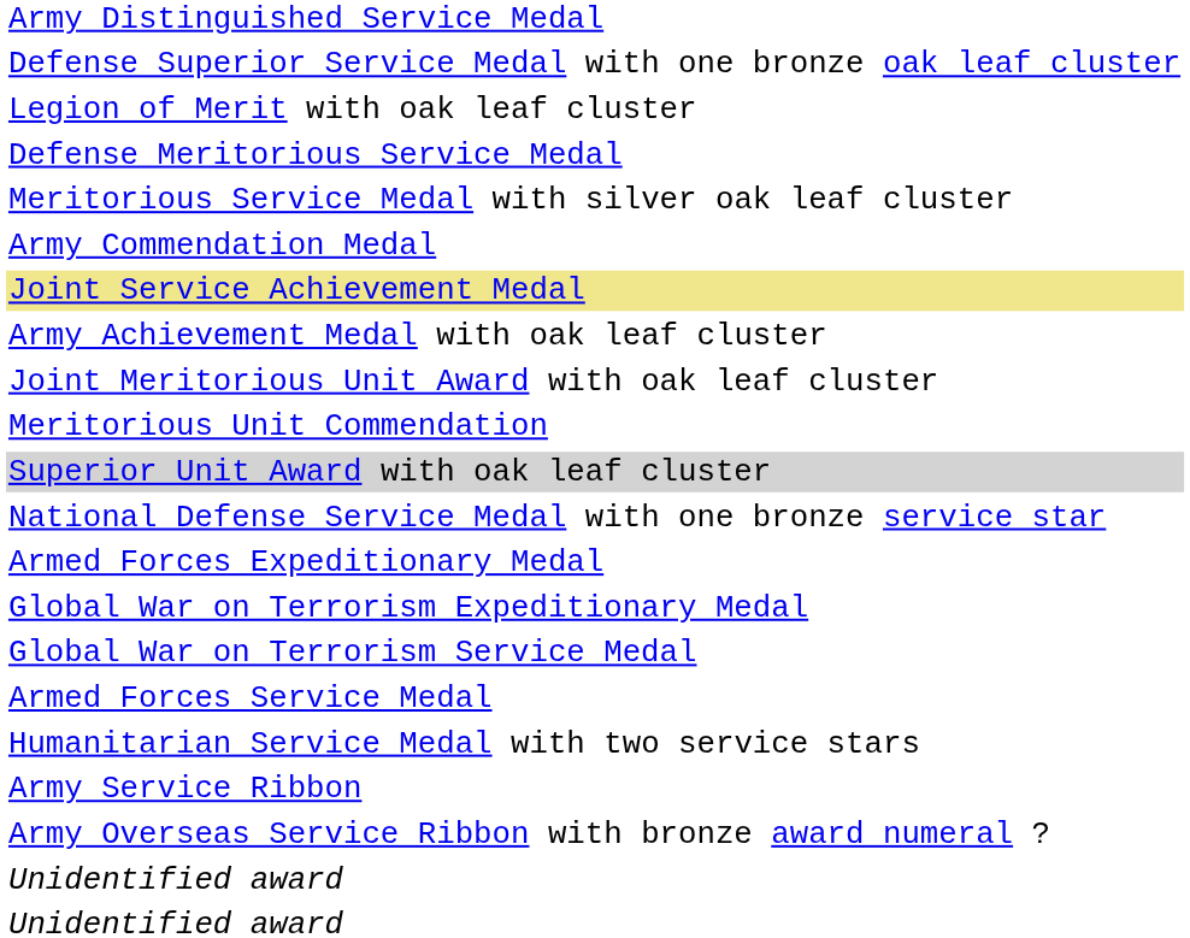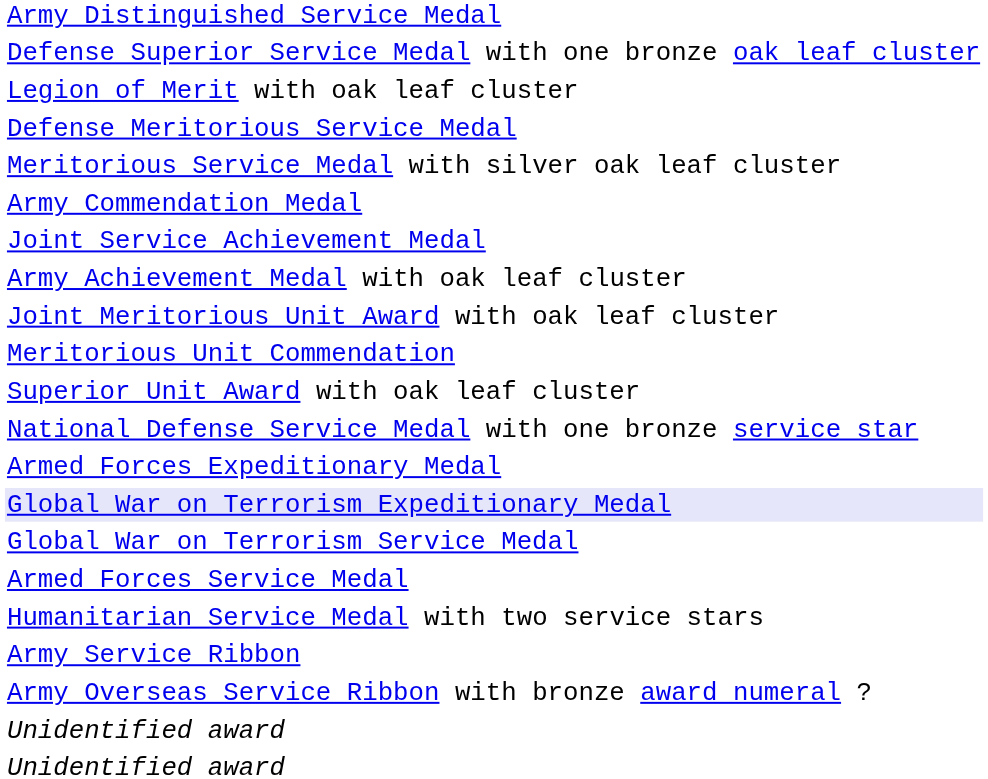 <table>
 <tr>
 <td> <a href='#'>Army Distinguished Service Medal</a></td>
 </tr>
 <tr>
 <td> <a href='#'>Defense Superior Service Medal</a> with one bronze <a href='#'>oak leaf cluster</a></td>
 </tr>
 <tr>
 <td> <a href='#'>Legion of Merit</a> with oak leaf cluster</td>
 </tr>
 <tr>
 <td> <a href='#'>Defense Meritorious Service Medal</a></td>
 </tr>
 <tr>
 <td> <a href='#'>Meritorious Service Medal</a> with silver oak leaf cluster</td>
 </tr>
 <tr>
 <td> <a href='#'>Army Commendation Medal</a></td>
 </tr>
 <tr>
-<td style="background: khaki;"> <a href='#'>Joint Service Achievement Medal</a></td>
+<td> <a href='#'>Joint Service Achievement Medal</a></td>
 </tr>
 <tr>
 <td> <a href='#'>Army Achievement Medal</a> with oak leaf cluster</td>
 </tr>
 <tr>
 <td> <a href='#'>Joint Meritorious Unit Award</a> with oak leaf cluster</td>
 </tr>
 <tr>
 <td> <a href='#'>Meritorious Unit Commendation</a></td>
 </tr>
 <tr>
-<td style="background: lightgrey;"> <a href='#'>Superior Unit Award</a> with oak leaf cluster</td>
+<td> <a href='#'>Superior Unit Award</a> with oak leaf cluster</td>
 </tr>
 <tr>
 <td> <a href='#'>National Defense Service Medal</a> with one bronze <a href='#'>service star</a></td>
 </tr>
 <tr>
 <td> <a href='#'>Armed Forces Expeditionary Medal</a></td>
 </tr>
 <tr>
-<td> <a href='#'>Global War on Terrorism Expeditionary Medal</a></td>
+<td style="background: lavender;"> <a href='#'>Global War on Terrorism Expeditionary Medal</a></td>
 </tr>
 <tr>
 <td> <a href='#'>Global War on Terrorism Service Medal</a></td>
 </tr>
 <tr>
 <td> <a href='#'>Armed Forces Service Medal</a></td>
 </tr>
 <tr>
 <td><span></span><span></span> <a href='#'>Humanitarian Service Medal</a> with two service stars</td>
 </tr>
 <tr>
 <td> <a href='#'>Army Service Ribbon</a></td>
 </tr>
 <tr>
 <td> <a href='#'>Army Overseas Service Ribbon</a> with bronze <a href='#'>award numeral</a> ?</td>
 </tr>
 <tr>
 <td> <em>Unidentified award</em></td>
 </tr>
 <tr>
 <td> <em>Unidentified award</em></td>
 </tr>
 </table>
